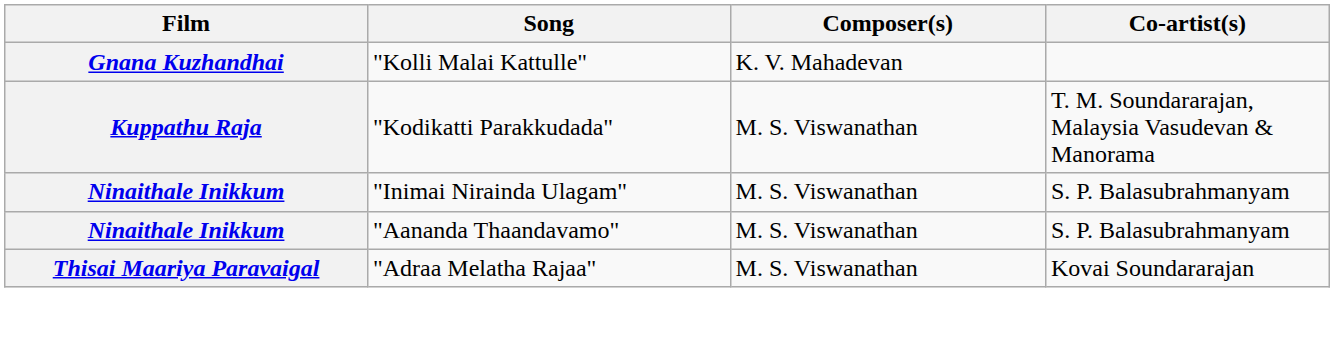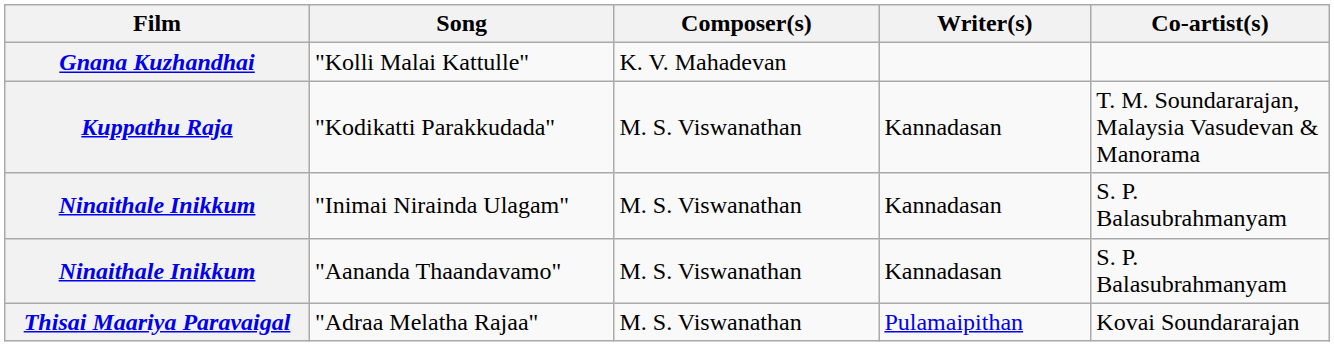 <table class="wikitable plainrowheaders" width="100%" textcolor:#000;">
 <tr style="background:#b0e0e66;">
 <th scope="col" width=23%><strong>Film</strong></th>
 <th scope="col" width=23%><strong>Song</strong></th>
 <th scope="col" width=20%><strong>Composer(s)</strong></th>
+<th scope="col" width=16%><strong>Writer(s)</strong></th>
 <th scope="col" width=18%><strong>Co-artist(s)</strong></th>
 </tr>
 <tr>
 <th><em><a href='#'>Gnana Kuzhandhai</a></em></th>
 <td>"Kolli Malai Kattulle"</td>
 <td>K. V. Mahadevan</td>
 <td></td>
+<td></td>
 </tr>
 <tr>
 <th><em><a href='#'>Kuppathu Raja</a></em></th>
 <td>"Kodikatti Parakkudada"</td>
 <td>M. S. Viswanathan</td>
+<td>Kannadasan</td>
 <td>T. M. Soundararajan, Malaysia Vasudevan & Manorama</td>
 </tr>
 <tr>
 <th><em><a href='#'>Ninaithale Inikkum</a></em></th>
 <td>"Inimai Nirainda Ulagam"</td>
 <td>M. S. Viswanathan</td>
+<td>Kannadasan</td>
 <td>S. P. Balasubrahmanyam</td>
 </tr>
 <tr>
 <th><em><a href='#'>Ninaithale Inikkum</a></em></th>
 <td>"Aananda Thaandavamo"</td>
 <td>M. S. Viswanathan</td>
+<td>Kannadasan</td>
 <td>S. P. Balasubrahmanyam</td>
 </tr>
 <tr>
 <th><em><a href='#'>Thisai Maariya Paravaigal</a></em></th>
 <td>"Adraa Melatha Rajaa"</td>
 <td>M. S. Viswanathan</td>
+<td><a href='#'>Pulamaipithan</a></td>
 <td>Kovai Soundararajan</td>
 </tr>
 </table>
